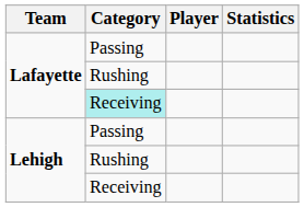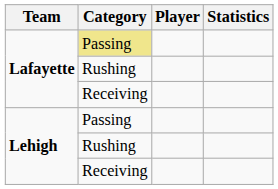 <table class="wikitable" style="float: right;">
 <tr>
 <th>Team</th>
 <th>Category</th>
 <th>Player</th>
 <th>Statistics</th>
 </tr>
 <tr>
 <td rowspan=3><strong>Lafayette</strong></td>
-<td>Passing</td>
+<td style="background: khaki;">Passing</td>
 <td></td>
 <td></td>
 </tr>
 <tr>
 <td>Rushing</td>
 <td></td>
 <td></td>
 </tr>
 <tr>
-<td style="background: paleturquoise;">Receiving</td>
+<td>Receiving</td>
 <td></td>
 <td></td>
 </tr>
 <tr>
 <td rowspan=3><strong>Lehigh</strong></td>
 <td>Passing</td>
 <td></td>
 <td></td>
 </tr>
 <tr>
 <td>Rushing</td>
 <td></td>
 <td></td>
 </tr>
 <tr>
 <td>Receiving</td>
 <td></td>
 <td></td>
 </tr>
 </table>
